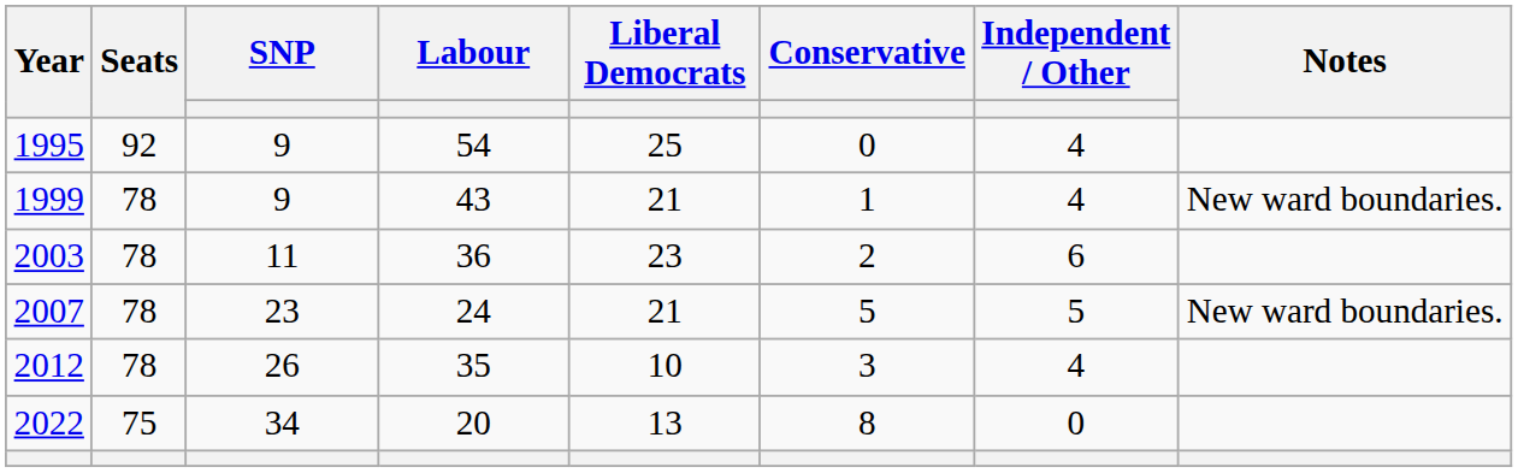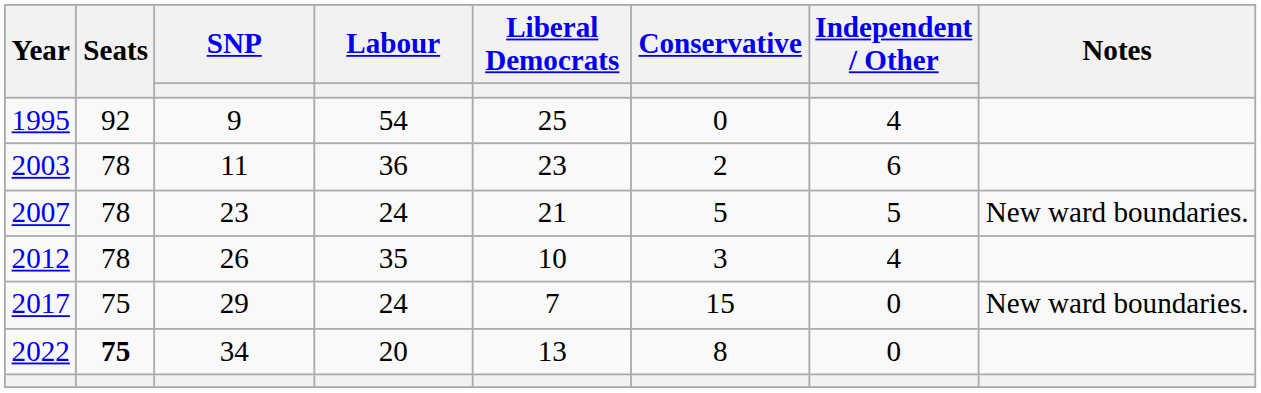 <table class="wikitable" style=text-align:center>
 <tr>
 <th rowspan=2><strong>Year</strong></th>
 <th rowspan=2><strong>Seats</strong></th>
 <th width="80"><a href='#'><strong>SNP</strong></a></th>
 <th width="80"><a href='#'><strong>Labour</strong></a></th>
 <th width="80"><a href='#'><strong>Liberal Democrats</strong></a></th>
 <th width="80"><a href='#'><strong>Conservative</strong></a></th>
 <th width="80"><a href='#'><strong>Independent / Other</strong></a></th>
 <th rowspan=2><strong>Notes</strong></th>
 </tr>
 <tr>
 <th style="background-color: "></th>
 <th style="background-color: "></th>
 <th style="background-color: "></th>
 <th style="background-color: "></th>
 <th style="background-color: "></th>
 </tr>
 <tr>
 <td><a href='#'>1995</a></td>
 <td>92</td>
 <td>9</td>
 <td>54</td>
 <td>25</td>
 <td>0</td>
 <td>4</td>
 <td align=left></td>
-</tr>
-<tr>
-<td><a href='#'>1999</a></td>
-<td>78</td>
-<td>9</td>
-<td>43</td>
-<td>21</td>
-<td>1</td>
-<td>4</td>
-<td align=left>New ward boundaries.</td>
 </tr>
 <tr>
 <td><a href='#'>2003</a></td>
 <td>78</td>
 <td>11</td>
 <td>36</td>
 <td>23</td>
 <td>2</td>
 <td>6</td>
 <td align=left></td>
 </tr>
 <tr>
 <td><a href='#'>2007</a></td>
 <td>78</td>
 <td>23</td>
 <td>24</td>
 <td>21</td>
 <td>5</td>
 <td>5</td>
 <td align=left>New ward boundaries.</td>
 </tr>
 <tr>
 <td><a href='#'>2012</a></td>
 <td>78</td>
 <td>26</td>
 <td>35</td>
 <td>10</td>
 <td>3</td>
 <td>4</td>
 <td align=left></td>
 </tr>
 <tr>
+<td><a href='#'>2017</a></td>
+<td>75</td>
+<td>29</td>
+<td>24</td>
+<td>7</td>
+<td>15</td>
+<td>0</td>
+<td align=left>New ward boundaries.</td>
+</tr>
+<tr>
 <td><a href='#'>2022</a></td>
-<td>75</td>
+<td><strong>75</strong></td>
 <td>34</td>
 <td>20</td>
 <td>13</td>
 <td>8</td>
 <td>0</td>
 <td align=left></td>
 </tr>
 <tr>
 <th></th>
 <th></th>
 <th style="background-color: "></th>
 <th style="background-color: "></th>
 <th style="background-color: "></th>
 <th style="background-color: "></th>
 <th style="background-color: "></th>
 <th></th>
 </tr>
 </table>
